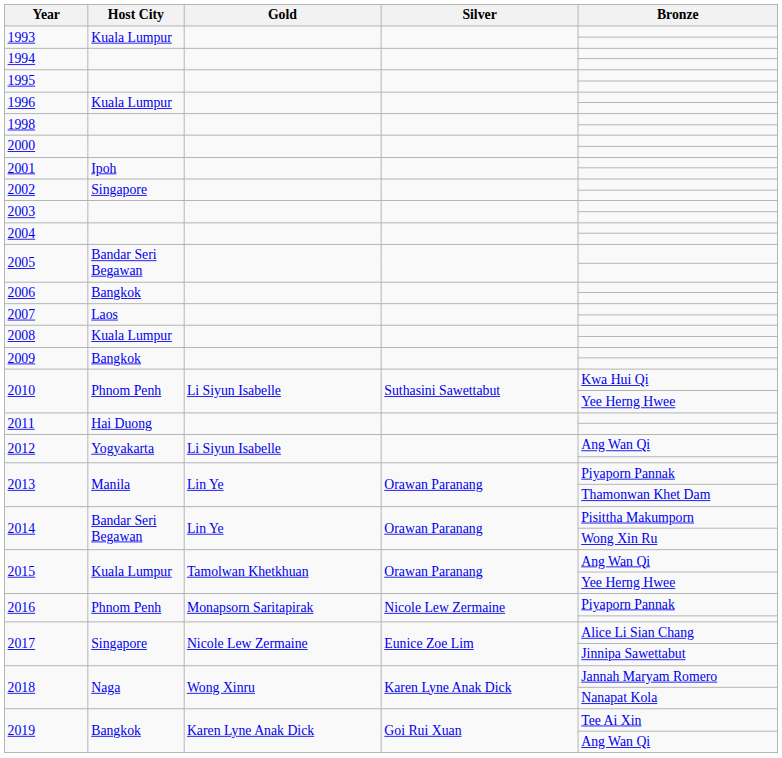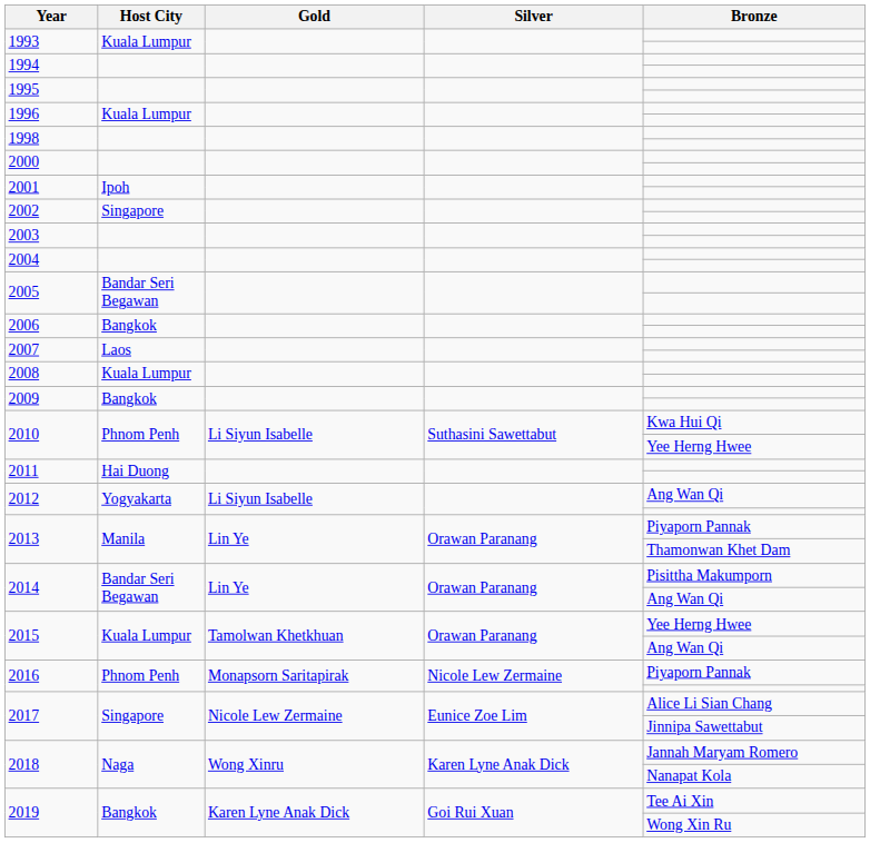 <table class="wikitable sortable" style="width:900px;">
 <tr>
 <th width="120">Year</th>
 <th width="120">Host City</th>
 <th width="300">Gold</th>
 <th width="300">Silver</th>
 <th width="300">Bronze</th>
 </tr>
 <tr>
 <td rowspan=2><a href='#'>1993</a></td>
 <td rowspan=2><a href='#'>Kuala Lumpur</a></td>
 <td rowspan=2></td>
 <td rowspan=2></td>
 <td></td>
 </tr>
 <tr>
 <td></td>
 </tr>
 <tr>
 <td rowspan=2><a href='#'>1994</a></td>
 <td rowspan=2></td>
 <td rowspan=2></td>
 <td rowspan=2></td>
 <td></td>
 </tr>
 <tr>
 <td></td>
 </tr>
 <tr>
 <td rowspan=2><a href='#'>1995</a></td>
 <td rowspan=2></td>
 <td rowspan=2></td>
 <td rowspan=2></td>
 <td></td>
 </tr>
 <tr>
 <td></td>
 </tr>
 <tr>
 <td rowspan=2><a href='#'>1996</a></td>
 <td rowspan=2><a href='#'>Kuala Lumpur</a></td>
 <td rowspan=2></td>
 <td rowspan=2></td>
 <td></td>
 </tr>
 <tr>
 <td></td>
 </tr>
 <tr>
 <td rowspan=2><a href='#'>1998</a></td>
 <td rowspan=2></td>
 <td rowspan=2></td>
 <td rowspan=2></td>
 <td></td>
 </tr>
 <tr>
 <td></td>
 </tr>
 <tr>
 <td rowspan=2><a href='#'>2000</a></td>
 <td rowspan=2></td>
 <td rowspan=2></td>
 <td rowspan=2></td>
 <td></td>
 </tr>
 <tr>
 <td></td>
 </tr>
 <tr>
 <td rowspan=2><a href='#'>2001</a></td>
 <td rowspan=2><a href='#'>Ipoh</a></td>
 <td rowspan=2></td>
 <td rowspan=2></td>
 <td></td>
 </tr>
 <tr>
 <td></td>
 </tr>
 <tr>
 <td rowspan=2><a href='#'>2002</a></td>
 <td rowspan=2><a href='#'>Singapore</a></td>
 <td rowspan=2></td>
 <td rowspan=2></td>
 <td></td>
 </tr>
 <tr>
 <td></td>
 </tr>
 <tr>
 <td rowspan=2><a href='#'>2003</a></td>
 <td rowspan=2></td>
 <td rowspan=2></td>
 <td rowspan=2></td>
 <td></td>
 </tr>
 <tr>
 <td></td>
 </tr>
 <tr>
 <td rowspan=2><a href='#'>2004</a></td>
 <td rowspan=2></td>
 <td rowspan=2></td>
 <td rowspan=2></td>
 <td></td>
 </tr>
 <tr>
 <td></td>
 </tr>
 <tr>
 <td rowspan=2><a href='#'>2005</a></td>
 <td rowspan=2><a href='#'>Bandar Seri Begawan</a></td>
 <td rowspan=2></td>
 <td rowspan=2></td>
 <td></td>
 </tr>
 <tr>
 <td></td>
 </tr>
 <tr>
 <td rowspan=2><a href='#'>2006</a></td>
 <td rowspan=2><a href='#'>Bangkok</a></td>
 <td rowspan=2></td>
 <td rowspan=2></td>
 <td></td>
 </tr>
 <tr>
 <td></td>
 </tr>
 <tr>
 <td rowspan=2><a href='#'>2007</a></td>
 <td rowspan=2><a href='#'>Laos</a></td>
 <td rowspan=2></td>
 <td rowspan=2></td>
 <td></td>
 </tr>
 <tr>
 <td></td>
 </tr>
 <tr>
 <td rowspan=2><a href='#'>2008</a></td>
 <td rowspan=2><a href='#'>Kuala Lumpur</a></td>
 <td rowspan=2></td>
 <td rowspan=2></td>
 <td></td>
 </tr>
 <tr>
 <td></td>
 </tr>
 <tr>
 <td rowspan=2><a href='#'>2009</a></td>
 <td rowspan=2><a href='#'>Bangkok</a></td>
 <td rowspan=2></td>
 <td rowspan=2></td>
 <td></td>
 </tr>
 <tr>
 <td></td>
 </tr>
 <tr>
 <td rowspan=2><a href='#'>2010</a></td>
 <td rowspan=2><a href='#'>Phnom Penh</a></td>
 <td rowspan=2> <a href='#'>Li Siyun Isabelle</a></td>
 <td rowspan=2> <a href='#'>Suthasini Sawettabut</a></td>
 <td> <a href='#'>Kwa Hui Qi</a></td>
 </tr>
 <tr>
 <td> <a href='#'>Yee Herng Hwee</a></td>
 </tr>
 <tr>
 <td rowspan=2><a href='#'>2011</a></td>
 <td rowspan=2><a href='#'>Hai Duong</a></td>
 <td rowspan=2></td>
 <td rowspan=2></td>
 <td></td>
 </tr>
 <tr>
 <td></td>
 </tr>
 <tr>
 <td rowspan=2><a href='#'>2012</a></td>
 <td rowspan=2><a href='#'>Yogyakarta</a></td>
 <td rowspan=2> <a href='#'>Li Siyun Isabelle</a></td>
 <td rowspan=2></td>
 <td> <a href='#'>Ang Wan Qi</a></td>
 </tr>
 <tr>
 <td></td>
 </tr>
 <tr>
 <td rowspan=2><a href='#'>2013</a></td>
 <td rowspan=2><a href='#'>Manila</a></td>
 <td rowspan=2> <a href='#'>Lin Ye</a></td>
 <td rowspan=2> <a href='#'>Orawan Paranang</a></td>
 <td> <a href='#'>Piyaporn Pannak</a></td>
 </tr>
 <tr>
 <td> <a href='#'>Thamonwan Khet Dam</a></td>
 </tr>
 <tr>
 <td rowspan=2><a href='#'>2014</a></td>
 <td rowspan=2><a href='#'>Bandar Seri Begawan</a></td>
 <td rowspan=2> <a href='#'>Lin Ye</a></td>
 <td rowspan=2> <a href='#'>Orawan Paranang</a></td>
 <td> <a href='#'>Pisittha Makumporn</a></td>
 </tr>
 <tr>
-<td> <a href='#'>Wong Xin Ru</a></td>
+<td> <a href='#'>Ang Wan Qi</a></td>
 </tr>
 <tr>
 <td rowspan=2><a href='#'>2015</a></td>
 <td rowspan=2><a href='#'>Kuala Lumpur</a></td>
 <td rowspan=2> <a href='#'>Tamolwan Khetkhuan</a></td>
 <td rowspan=2> <a href='#'>Orawan Paranang</a></td>
-<td> <a href='#'>Ang Wan Qi</a></td>
+<td> <a href='#'>Yee Herng Hwee</a></td>
 </tr>
 <tr>
-<td> <a href='#'>Yee Herng Hwee</a></td>
+<td> <a href='#'>Ang Wan Qi</a></td>
 </tr>
 <tr>
 <td rowspan=2><a href='#'>2016</a></td>
 <td rowspan=2><a href='#'>Phnom Penh</a></td>
 <td rowspan=2><a href='#'>Monapsorn Saritapirak</a></td>
 <td rowspan=2> <a href='#'>Nicole Lew Zermaine</a></td>
 <td> <a href='#'>Piyaporn Pannak</a></td>
 </tr>
 <tr>
 <td></td>
 </tr>
 <tr>
 <td rowspan=2><a href='#'>2017</a></td>
 <td rowspan=2><a href='#'>Singapore</a></td>
 <td rowspan=2> <a href='#'>Nicole Lew Zermaine</a></td>
 <td rowspan=2> <a href='#'>Eunice Zoe Lim</a></td>
 <td> <a href='#'>Alice Li Sian Chang</a></td>
 </tr>
 <tr>
 <td> <a href='#'>Jinnipa Sawettabut</a></td>
 </tr>
 <tr>
 <td rowspan=2><a href='#'>2018</a></td>
 <td rowspan=2><a href='#'>Naga</a></td>
 <td rowspan=2> <a href='#'>Wong Xinru</a></td>
 <td rowspan=2> <a href='#'>Karen Lyne Anak Dick</a></td>
 <td> <a href='#'>Jannah Maryam Romero</a></td>
 </tr>
 <tr>
 <td> <a href='#'>Nanapat Kola</a></td>
 </tr>
 <tr>
 <td rowspan=2><a href='#'>2019</a></td>
 <td rowspan=2><a href='#'>Bangkok</a></td>
 <td rowspan=2> <a href='#'>Karen Lyne Anak Dick</a></td>
 <td rowspan=2> <a href='#'>Goi Rui Xuan</a></td>
 <td> <a href='#'>Tee Ai Xin</a></td>
 </tr>
 <tr>
-<td> <a href='#'>Ang Wan Qi</a></td>
+<td> <a href='#'>Wong Xin Ru</a></td>
 </tr>
 </table>
